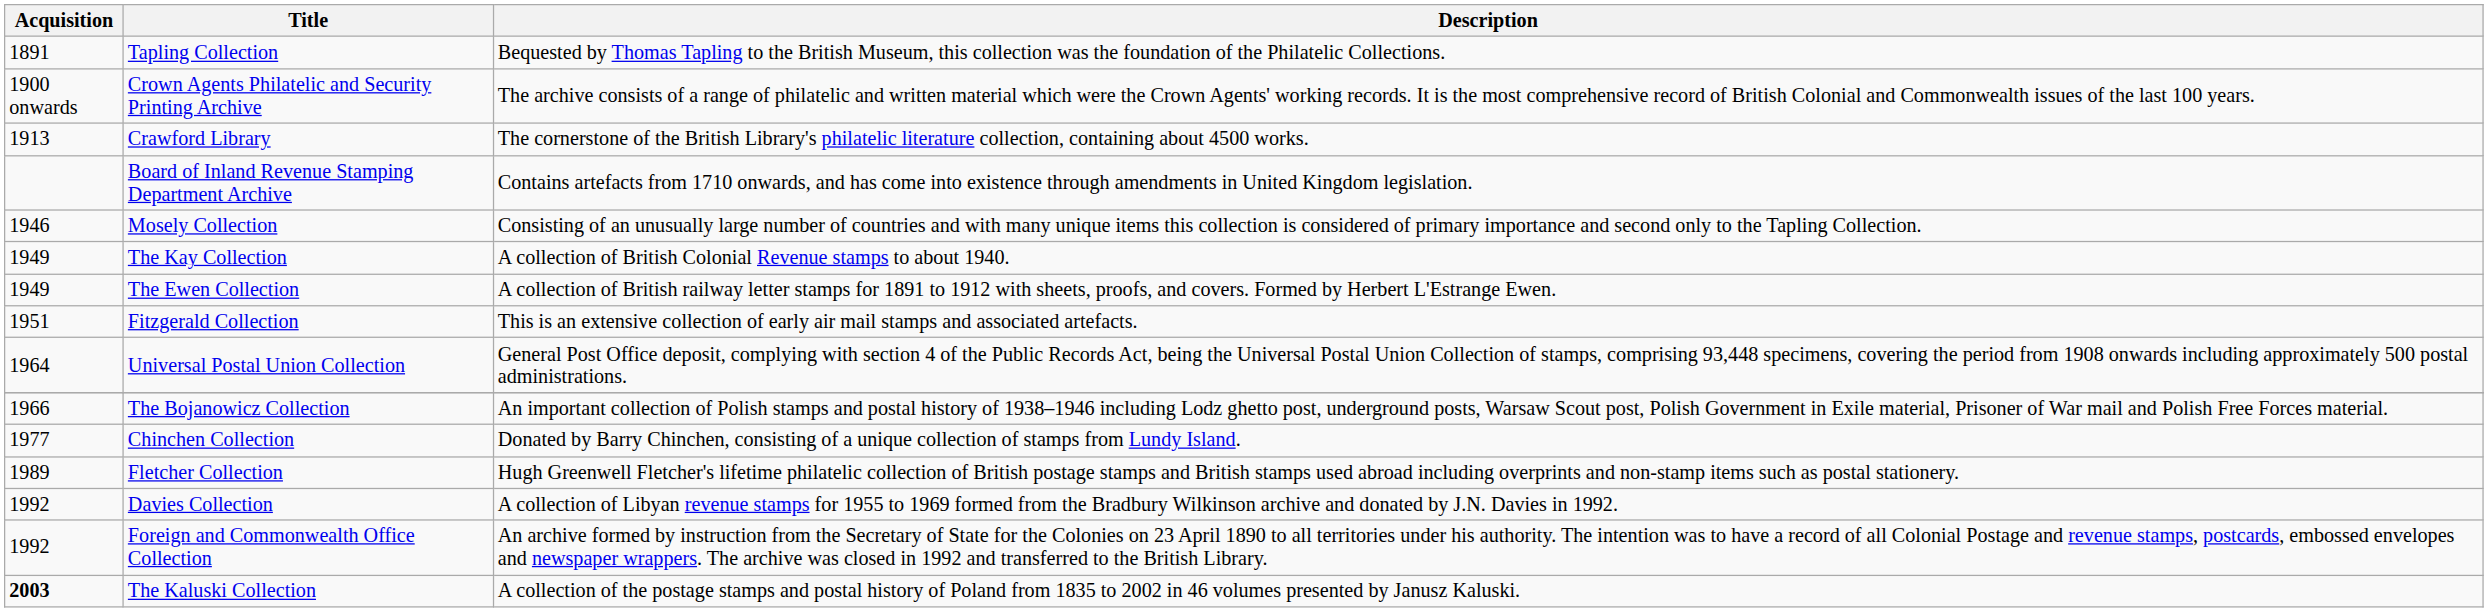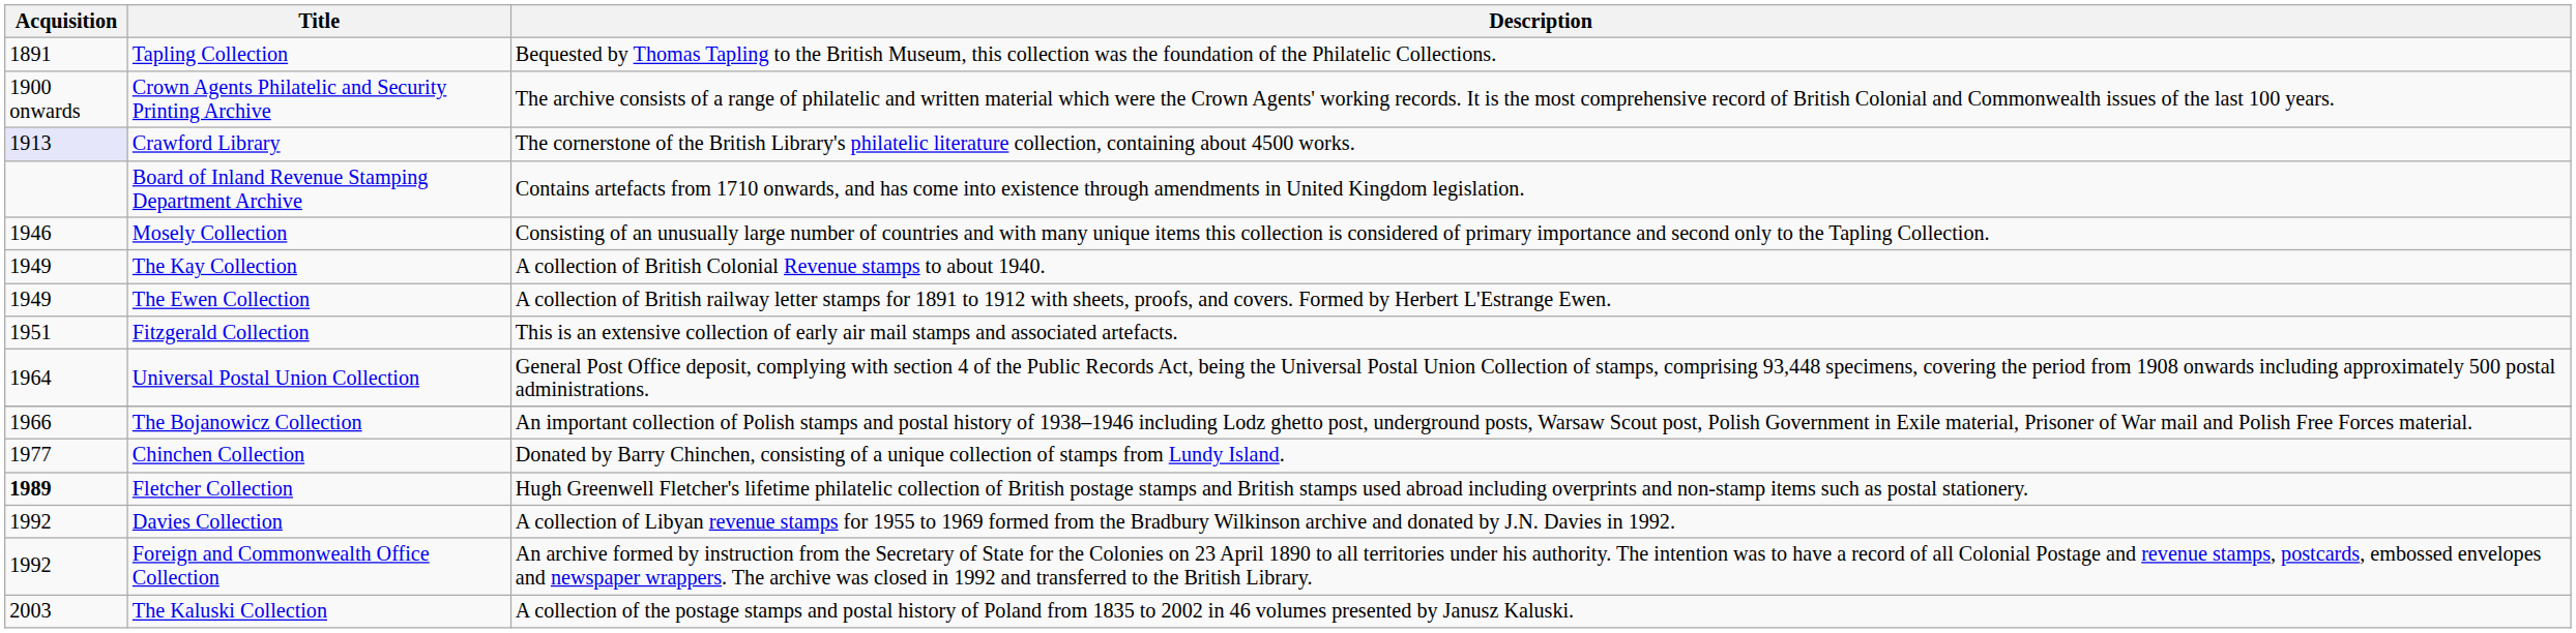 <table class="sortable wikitable">
 <tr>
 <th>Acquisition</th>
 <th>Title</th>
 <th>Description</th>
 </tr>
 <tr>
 <td>1891</td>
 <td><a href='#'>Tapling Collection</a></td>
 <td>Bequested by <a href='#'>Thomas Tapling</a> to the British Museum, this collection was the foundation of the Philatelic Collections.</td>
 </tr>
 <tr>
 <td>1900 onwards</td>
 <td><a href='#'>Crown Agents Philatelic and Security Printing Archive</a></td>
 <td>The archive consists of a range of philatelic and written material which were the Crown Agents' working records. It is the most comprehensive record of British Colonial and Commonwealth issues of the last 100 years.</td>
 </tr>
 <tr>
-<td>1913</td>
+<td style="background: lavender;">1913</td>
 <td><a href='#'>Crawford Library</a></td>
 <td>The cornerstone of the British Library's <a href='#'>philatelic literature</a> collection, containing about 4500 works.</td>
 </tr>
 <tr>
 <td></td>
 <td><a href='#'>Board of Inland Revenue Stamping Department Archive</a></td>
 <td>Contains artefacts from 1710 onwards, and has come into existence through amendments in United Kingdom legislation.</td>
 </tr>
 <tr>
 <td>1946</td>
 <td><a href='#'>Mosely Collection</a></td>
 <td>Consisting of an unusually large number of countries and with many unique items this collection is considered of primary importance and second only to the Tapling Collection.</td>
 </tr>
 <tr>
 <td>1949</td>
 <td><a href='#'>The Kay Collection</a></td>
 <td>A collection of British Colonial <a href='#'>Revenue stamps</a> to about 1940.</td>
 </tr>
 <tr>
 <td>1949</td>
 <td><a href='#'>The Ewen Collection</a></td>
 <td>A collection of British railway letter stamps for 1891 to 1912 with sheets, proofs, and covers. Formed by Herbert L'Estrange Ewen.</td>
 </tr>
 <tr>
 <td>1951</td>
 <td><a href='#'>Fitzgerald Collection</a></td>
 <td>This is an extensive collection of early air mail stamps and associated artefacts.</td>
 </tr>
 <tr>
 <td>1964</td>
 <td><a href='#'>Universal Postal Union Collection</a></td>
 <td>General Post Office deposit, complying with section 4 of the Public Records Act, being the Universal Postal Union Collection of stamps, comprising 93,448 specimens, covering the period from 1908 onwards including approximately 500 postal administrations.</td>
 </tr>
 <tr>
 </tr>
 <tr>
 <td>1966</td>
 <td><a href='#'>The Bojanowicz Collection</a></td>
 <td>An important collection of Polish stamps and postal history of 1938–1946 including Lodz ghetto post, underground posts, Warsaw Scout post, Polish Government in Exile material, Prisoner of War mail and Polish Free Forces material.</td>
 </tr>
 <tr>
 <td>1977</td>
 <td><a href='#'>Chinchen Collection</a></td>
 <td>Donated by Barry Chinchen, consisting of a unique collection of stamps from <a href='#'>Lundy Island</a>.</td>
 </tr>
 <tr>
-<td>1989</td>
+<td><strong>1989</strong></td>
 <td><a href='#'>Fletcher Collection</a></td>
 <td>Hugh Greenwell Fletcher's lifetime philatelic collection of British postage stamps and British stamps used abroad including overprints and non-stamp items such as postal stationery.</td>
 </tr>
 <tr>
 <td>1992</td>
 <td><a href='#'>Davies Collection</a></td>
 <td>A collection of Libyan <a href='#'>revenue stamps</a> for 1955 to 1969 formed from the Bradbury Wilkinson archive and donated by J.N. Davies in 1992.</td>
 </tr>
 <tr>
 <td>1992</td>
 <td><a href='#'>Foreign and Commonwealth Office Collection</a></td>
 <td>An archive formed by instruction from the Secretary of State for the Colonies on 23 April 1890 to all territories under his authority. The intention was to have a record of all Colonial Postage and <a href='#'>revenue stamps</a>, <a href='#'>postcards</a>, embossed envelopes and <a href='#'>newspaper wrappers</a>. The archive was closed in 1992 and transferred to the British Library.</td>
 </tr>
 <tr>
-<td><strong>2003</strong></td>
+<td>2003</td>
 <td><a href='#'>The Kaluski Collection</a></td>
 <td>A collection of the postage stamps and postal history of Poland from 1835 to 2002 in 46 volumes presented by Janusz Kaluski.</td>
 </tr>
 </table>
